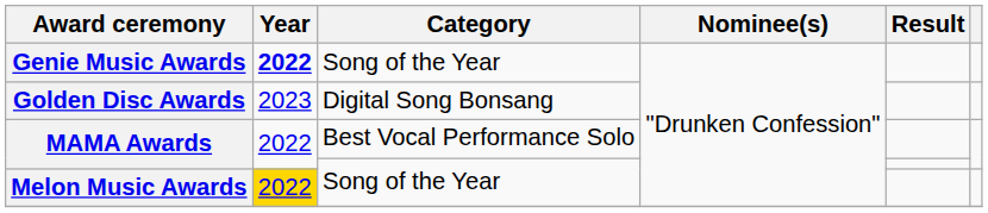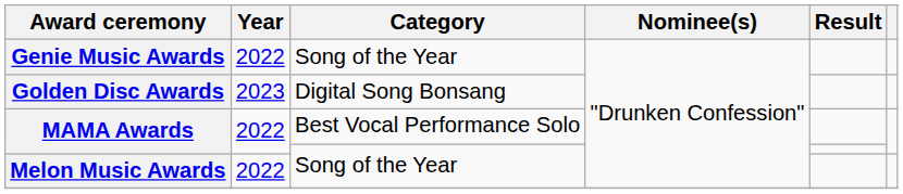 <table class="wikitable sortable plainrowheaders">
 <tr>
 <th scope="col">Award ceremony</th>
 <th scope="col">Year</th>
 <th scope="col">Category</th>
 <th scope="col">Nominee(s)</th>
 <th scope="col">Result</th>
 <th scope="col" class="unsortable"></th>
 </tr>
 <tr>
 <th scope="row"><a href='#'>Genie Music Awards</a></th>
-<td style="text-align:center"><strong><a href='#'>2022</a></strong></td>
+<td style="text-align:center"><a href='#'>2022</a></td>
 <td>Song of the Year</td>
 <td rowspan="5">"Drunken Confession"</td>
 <td></td>
 <td style="text-align:center"></td>
 </tr>
 <tr>
 <th scope="row"><a href='#'>Golden Disc Awards</a></th>
 <td style="text-align:center"><a href='#'>2023</a></td>
 <td>Digital Song Bonsang</td>
 <td></td>
 <td style="text-align:center"></td>
 </tr>
 <tr>
 <th scope="row" rowspan="2"><a href='#'>MAMA Awards</a></th>
 <td rowspan="2" style="text-align:center"><a href='#'>2022</a></td>
 <td>Best Vocal Performance Solo</td>
 <td></td>
 <td rowspan="2" style="text-align:center"></td>
 </tr>
 <tr>
 <td rowspan="2">Song of the Year</td>
 <td></td>
 </tr>
 <tr>
 <th scope="row"><a href='#'>Melon Music Awards</a></th>
-<td style="background: gold; text-align:center"><a href='#'>2022</a></td>
+<td style="text-align:center"><a href='#'>2022</a></td>
 <td></td>
 <td style="text-align:center"></td>
 </tr>
 <tr>
 </tr>
 </table>
